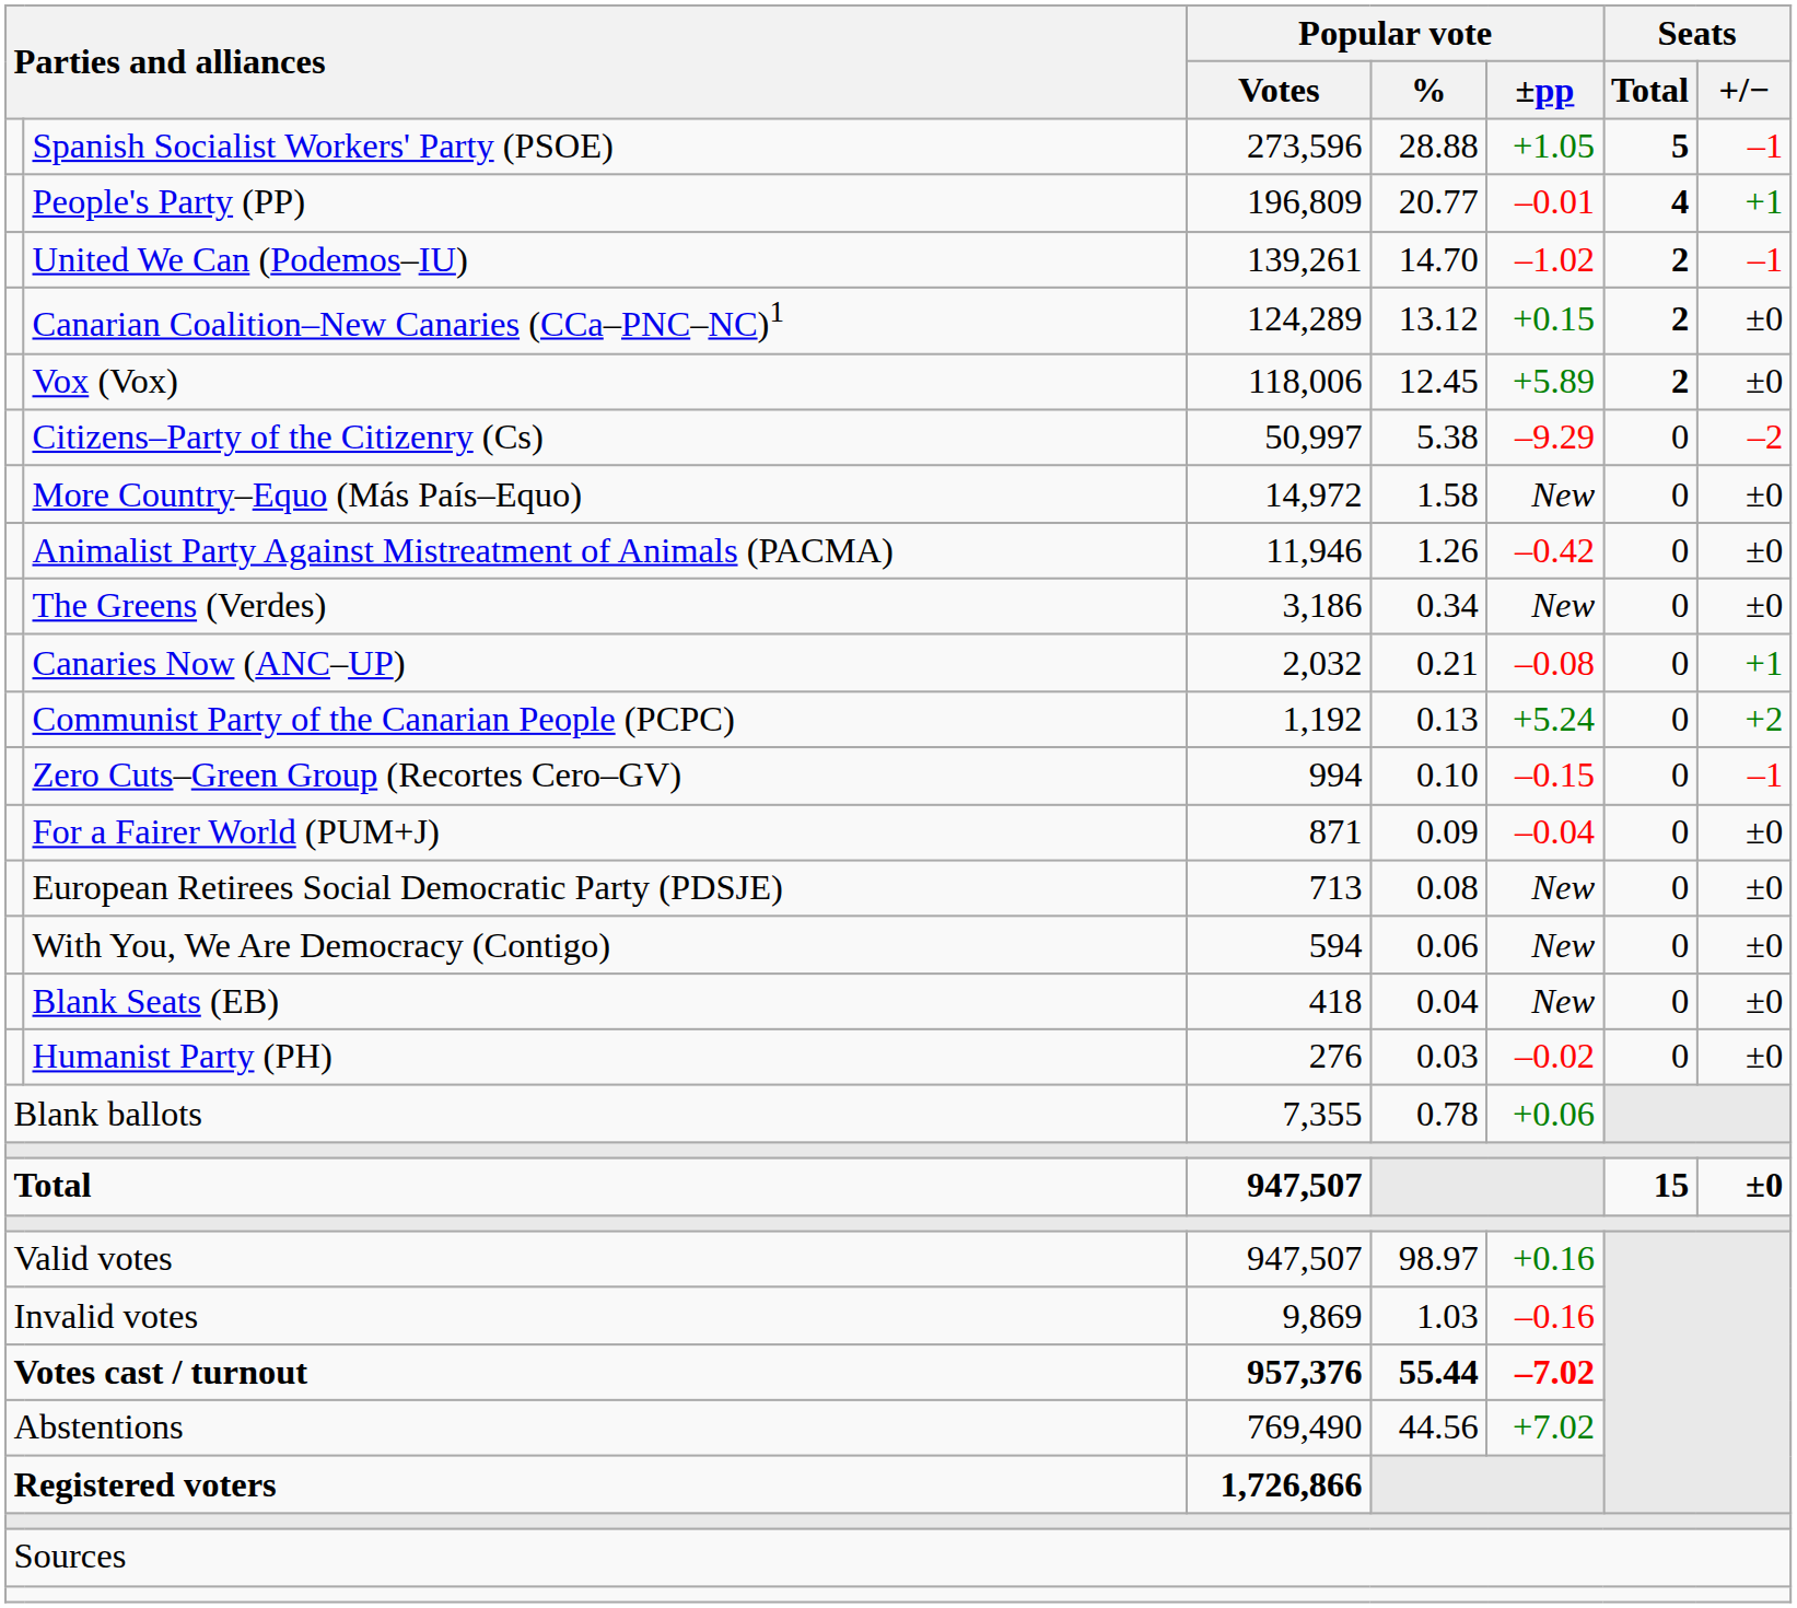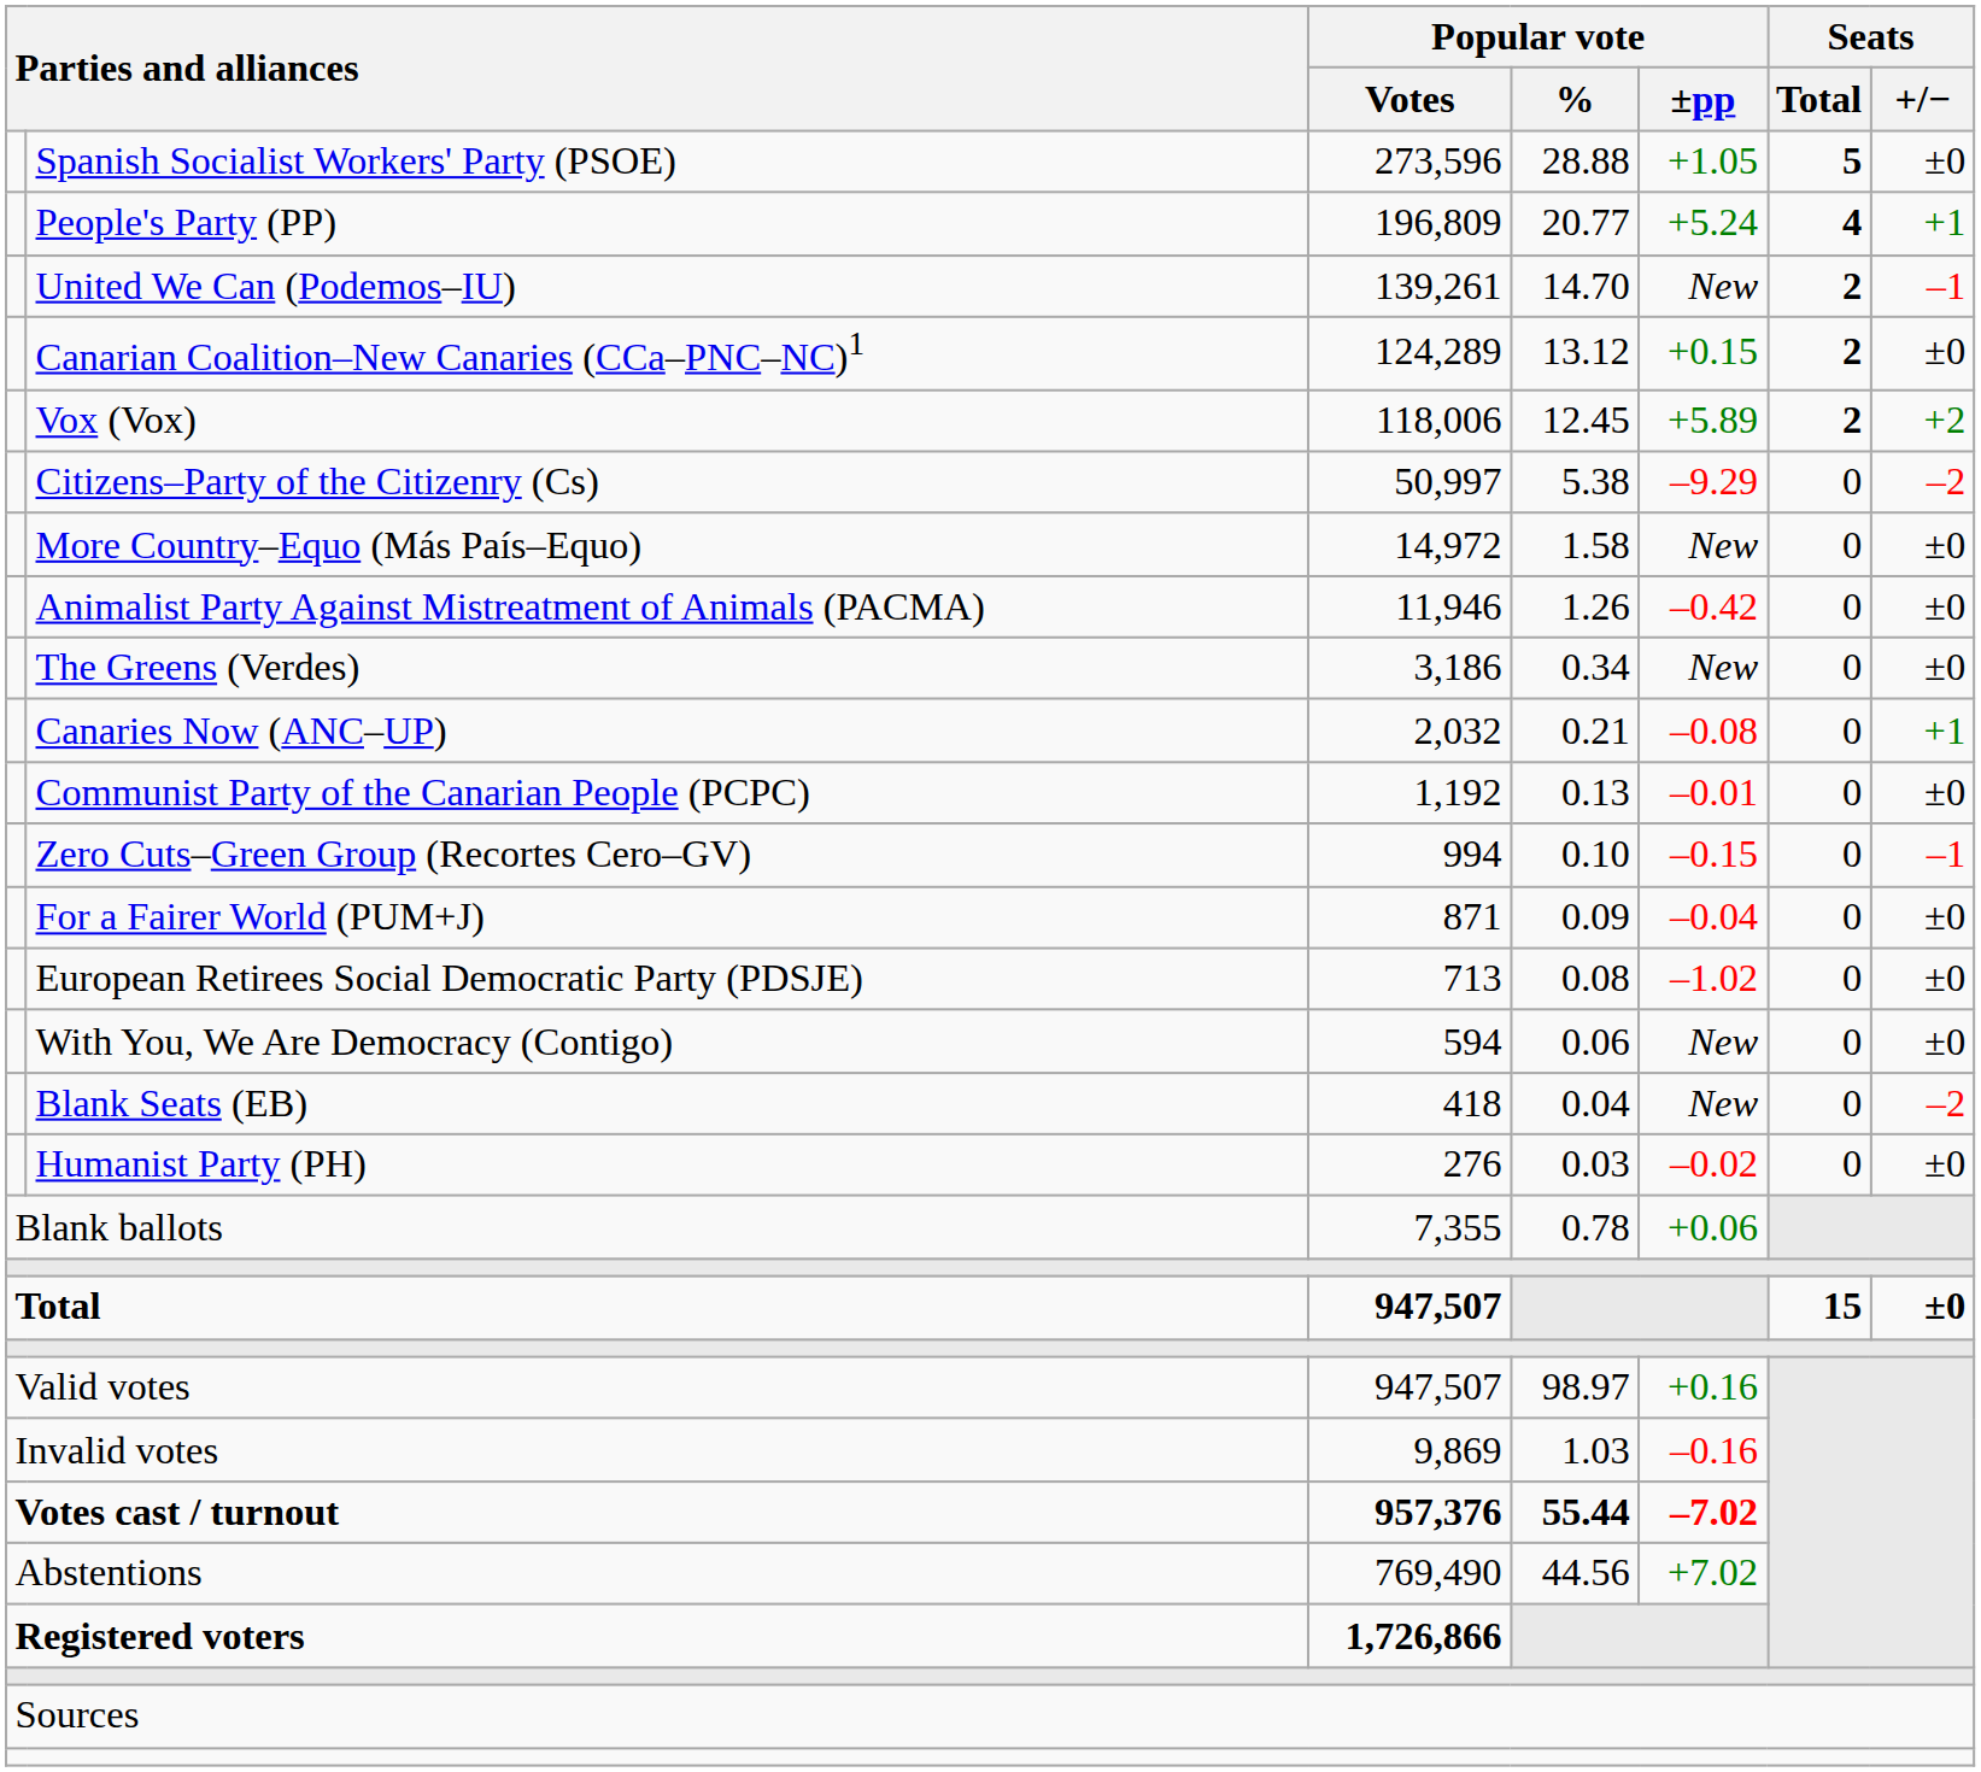 <table class="wikitable" style="text-align:right;">
 <tr>
 <th style="text-align:left;" rowspan="2" colspan="2" width="525">Parties and alliances</th>
 <th colspan="3">Popular vote</th>
 <th colspan="2">Seats</th>
 </tr>
 <tr>
 <th width="75">Votes</th>
 <th width="45">%</th>
 <th width="45">±<a href='#'>pp</a></th>
 <th width="35">Total</th>
 <th width="35">+/−</th>
 </tr>
 <tr>
 <td width="1" style="color:inherit;background:"></td>
 <td align="left"><a href='#'>Spanish Socialist Workers' Party</a> (PSOE)</td>
 <td>273,596</td>
 <td>28.88</td>
 <td style="color:green;">+1.05</td>
 <td><strong>5</strong></td>
-<td style="color:red;">–1</td>
+<td>±0</td>
 </tr>
 <tr>
 <td style="color:inherit;background:"></td>
 <td align="left"><a href='#'>People's Party</a> (PP)</td>
 <td>196,809</td>
 <td>20.77</td>
-<td style="color:red;">–0.01</td>
+<td style="color:green;">+5.24</td>
 <td><strong>4</strong></td>
 <td style="color:green;">+1</td>
 </tr>
 <tr>
 <td style="color:inherit;background:"></td>
 <td align="left"><a href='#'>United We Can</a> (<a href='#'>Podemos</a>–<a href='#'>IU</a>)</td>
 <td>139,261</td>
 <td>14.70</td>
-<td style="color:red;">–1.02</td>
+<td><em>New</em></td>
 <td><strong>2</strong></td>
 <td style="color:red;">–1</td>
 </tr>
 <tr>
 <td style="color:inherit;background:"></td>
 <td align="left"><a href='#'>Canarian Coalition–New Canaries</a> (<a href='#'>CCa</a>–<a href='#'>PNC</a>–<a href='#'>NC</a>)<sup>1</sup></td>
 <td>124,289</td>
 <td>13.12</td>
 <td style="color:green;">+0.15</td>
 <td><strong>2</strong></td>
 <td>±0</td>
 </tr>
 <tr>
 <td style="color:inherit;background:"></td>
 <td align="left"><a href='#'>Vox</a> (Vox)</td>
 <td>118,006</td>
 <td>12.45</td>
 <td style="color:green;">+5.89</td>
 <td><strong>2</strong></td>
-<td>±0</td>
+<td style="color:green;">+2</td>
 </tr>
 <tr>
 <td style="color:inherit;background:"></td>
 <td align="left"><a href='#'>Citizens–Party of the Citizenry</a> (Cs)</td>
 <td>50,997</td>
 <td>5.38</td>
 <td style="color:red;">–9.29</td>
 <td>0</td>
 <td style="color:red;">–2</td>
 </tr>
 <tr>
 <td style="color:inherit;background:"></td>
 <td align="left"><a href='#'>More Country</a>–<a href='#'>Equo</a> (Más País–Equo)</td>
 <td>14,972</td>
 <td>1.58</td>
 <td><em>New</em></td>
 <td>0</td>
 <td>±0</td>
 </tr>
 <tr>
 <td style="color:inherit;background:"></td>
 <td align="left"><a href='#'>Animalist Party Against Mistreatment of Animals</a> (PACMA)</td>
 <td>11,946</td>
 <td>1.26</td>
 <td style="color:red;">–0.42</td>
 <td>0</td>
 <td>±0</td>
 </tr>
 <tr>
 <td style="color:inherit;background:"></td>
 <td align="left"><a href='#'>The Greens</a> (Verdes)</td>
 <td>3,186</td>
 <td>0.34</td>
 <td><em>New</em></td>
 <td>0</td>
 <td>±0</td>
 </tr>
 <tr>
 <td style="color:inherit;background:"></td>
 <td align="left"><a href='#'>Canaries Now</a> (<a href='#'>ANC</a>–<a href='#'>UP</a>)</td>
 <td>2,032</td>
 <td>0.21</td>
 <td style="color:red;">–0.08</td>
 <td>0</td>
 <td style="color:green;">+1</td>
 </tr>
 <tr>
 <td style="color:inherit;background:"></td>
 <td align="left"><a href='#'>Communist Party of the Canarian People</a> (PCPC)</td>
 <td>1,192</td>
 <td>0.13</td>
-<td style="color:green;">+5.24</td>
+<td style="color:red;">–0.01</td>
 <td>0</td>
-<td style="color:green;">+2</td>
+<td>±0</td>
 </tr>
 <tr>
 <td style="color:inherit;background:"></td>
 <td align="left"><a href='#'>Zero Cuts</a>–<a href='#'>Green Group</a> (Recortes Cero–GV)</td>
 <td>994</td>
 <td>0.10</td>
 <td style="color:red;">–0.15</td>
 <td>0</td>
 <td style="color:red;">–1</td>
 </tr>
 <tr>
 <td style="color:inherit;background:"></td>
 <td align="left"><a href='#'>For a Fairer World</a> (PUM+J)</td>
 <td>871</td>
 <td>0.09</td>
 <td style="color:red;">–0.04</td>
 <td>0</td>
 <td>±0</td>
 </tr>
 <tr>
 <td style="color:inherit;background:"></td>
 <td align="left">European Retirees Social Democratic Party (PDSJE)</td>
 <td>713</td>
 <td>0.08</td>
-<td><em>New</em></td>
+<td style="color:red;">–1.02</td>
 <td>0</td>
 <td>±0</td>
 </tr>
 <tr>
 <td style="color:inherit;background:"></td>
 <td align="left">With You, We Are Democracy (Contigo)</td>
 <td>594</td>
 <td>0.06</td>
 <td><em>New</em></td>
 <td>0</td>
 <td>±0</td>
 </tr>
 <tr>
 <td style="color:inherit;background:"></td>
 <td align="left"><a href='#'>Blank Seats</a> (EB)</td>
 <td>418</td>
 <td>0.04</td>
 <td><em>New</em></td>
 <td>0</td>
-<td>±0</td>
+<td style="color:red;">–2</td>
 </tr>
 <tr>
 <td style="color:inherit;background:"></td>
 <td align="left"><a href='#'>Humanist Party</a> (PH)</td>
 <td>276</td>
 <td>0.03</td>
 <td style="color:red;">–0.02</td>
 <td>0</td>
 <td>±0</td>
 </tr>
 <tr>
 <td align="left" colspan="2">Blank ballots</td>
 <td>7,355</td>
 <td>0.78</td>
 <td style="color:green;">+0.06</td>
 <td bgcolor="#E9E9E9" colspan="2"></td>
 </tr>
 <tr>
 <td colspan="7" bgcolor="#E9E9E9"></td>
 </tr>
 <tr style="font-weight:bold;">
 <td align="left" colspan="2">Total</td>
 <td>947,507</td>
 <td bgcolor="#E9E9E9" colspan="2"></td>
 <td>15</td>
 <td>±0</td>
 </tr>
 <tr>
 <td colspan="7" bgcolor="#E9E9E9"></td>
 </tr>
 <tr>
 <td align="left" colspan="2">Valid votes</td>
 <td>947,507</td>
 <td>98.97</td>
 <td style="color:green;">+0.16</td>
 <td bgcolor="#E9E9E9" colspan="2" rowspan="5"></td>
 </tr>
 <tr>
 <td align="left" colspan="2">Invalid votes</td>
 <td>9,869</td>
 <td>1.03</td>
 <td style="color:red;">–0.16</td>
 </tr>
 <tr style="font-weight:bold;">
 <td align="left" colspan="2">Votes cast / turnout</td>
 <td>957,376</td>
 <td>55.44</td>
 <td style="color:red;">–7.02</td>
 </tr>
 <tr>
 <td align="left" colspan="2">Abstentions</td>
 <td>769,490</td>
 <td>44.56</td>
 <td style="color:green;">+7.02</td>
 </tr>
 <tr style="font-weight:bold;">
 <td align="left" colspan="2">Registered voters</td>
 <td>1,726,866</td>
 <td bgcolor="#E9E9E9" colspan="2"></td>
 </tr>
 <tr>
 <td colspan="7" bgcolor="#E9E9E9"></td>
 </tr>
 <tr>
 <td align="left" colspan="7">Sources</td>
 </tr>
 <tr>
 <td colspan="7" style="text-align:left; max-width:790px;"></td>
 </tr>
 </table>
